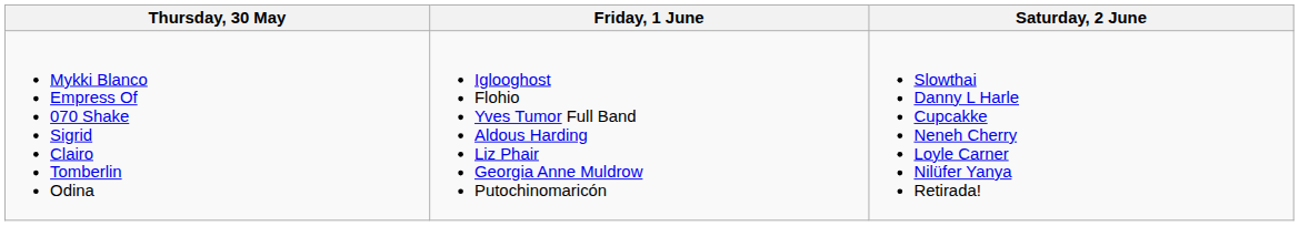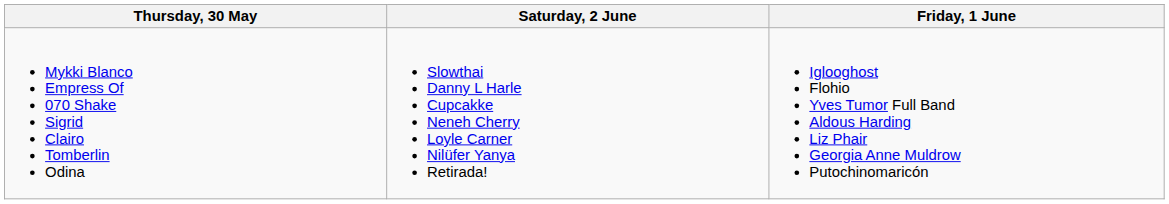 <table class="wikitable">
 <tr>
 <th width="500">Thursday, 30 May</th>
+<th width="500">Saturday, 2 June</th>
 <th width="500">Friday, 1 June</th>
-<th width="500">Saturday, 2 June</th>
 </tr>
 <tr valign="top">
 <td><br><ul><li><a href='#'>Mykki Blanco</a></li><li><a href='#'>Empress Of</a></li><li><a href='#'>070 Shake</a></li><li><a href='#'>Sigrid</a></li><li><a href='#'>Clairo</a></li><li><a href='#'>Tomberlin</a></li><li>Odina</li></ul></td>
+<td><br><ul><li><a href='#'>Slowthai</a></li><li><a href='#'>Danny L Harle</a></li><li><a href='#'>Cupcakke</a></li><li><a href='#'>Neneh Cherry</a></li><li><a href='#'>Loyle Carner</a></li><li><a href='#'>Nilüfer Yanya</a></li><li>Retirada!</li></ul></td>
 <td><br><ul><li><a href='#'>Iglooghost</a></li><li>Flohio</li><li><a href='#'>Yves Tumor</a> Full Band</li><li><a href='#'>Aldous Harding</a></li><li><a href='#'>Liz Phair</a></li><li><a href='#'>Georgia Anne Muldrow</a></li><li>Putochinomaricón</li></ul></td>
-<td><br><ul><li><a href='#'>Slowthai</a></li><li><a href='#'>Danny L Harle</a></li><li><a href='#'>Cupcakke</a></li><li><a href='#'>Neneh Cherry</a></li><li><a href='#'>Loyle Carner</a></li><li><a href='#'>Nilüfer Yanya</a></li><li>Retirada!</li></ul></td>
 </tr>
 </table>
